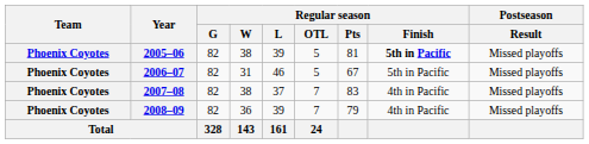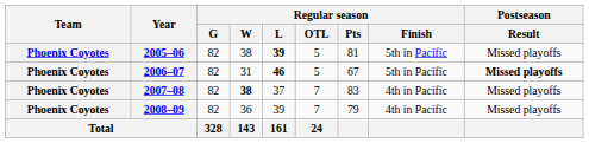 <table class="wikitable" style="font-size: 95%; text-align:center; width:50em">
 <tr>
 <th rowspan="2">Team</th>
 <th rowspan="2">Year</th>
 <th colspan="6">Regular season</th>
 <th>Postseason</th>
 </tr>
 <tr>
 <th>G</th>
 <th>W</th>
 <th>L</th>
 <th>OTL</th>
 <th>Pts</th>
 <th>Finish</th>
 <th>Result</th>
 </tr>
 <tr>
 <th><a href='#'>Phoenix Coyotes</a></th>
 <th><a href='#'>2005–06</a></th>
 <td>82</td>
 <td>38</td>
-<td>39</td>
+<td><strong>39</strong></td>
 <td>5</td>
 <td>81</td>
-<td><strong>5th in <a href='#'>Pacific</a></strong></td>
+<td>5th in <a href='#'>Pacific</a></td>
 <td>Missed playoffs</td>
 </tr>
 <tr>
 <th>Phoenix Coyotes</th>
 <th><a href='#'>2006–07</a></th>
 <td>82</td>
 <td>31</td>
-<td>46</td>
+<td><strong>46</strong></td>
 <td>5</td>
 <td>67</td>
 <td>5th in Pacific</td>
-<td>Missed playoffs</td>
+<td><strong>Missed playoffs</strong></td>
 </tr>
 <tr>
 <th>Phoenix Coyotes</th>
 <th><a href='#'>2007–08</a></th>
 <td>82</td>
-<td>38</td>
+<td><strong>38</strong></td>
 <td>37</td>
 <td>7</td>
 <td>83</td>
 <td>4th in Pacific</td>
 <td>Missed playoffs</td>
 </tr>
 <tr>
 <th>Phoenix Coyotes</th>
 <th><a href='#'>2008–09</a></th>
 <td>82</td>
 <td>36</td>
 <td>39</td>
 <td>7</td>
 <td>79</td>
 <td>4th in Pacific</td>
 <td>Missed playoffs</td>
 </tr>
 <tr>
 <th colspan="2">Total</th>
 <th>328</th>
 <th>143</th>
 <th>161</th>
 <th>24</th>
 <th> </th>
 <th> </th>
 <th> </th>
 </tr>
 </table>
